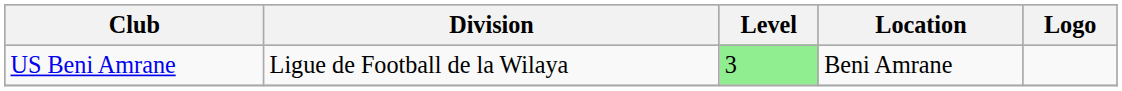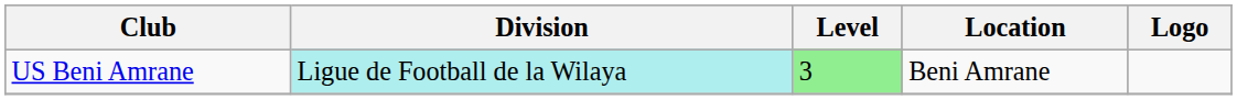 <table class="wikitable sortable" width=75% style="font-size:90%">
 <tr>
 <th>Club</th>
 <th>Division</th>
 <th>Level</th>
 <th>Location</th>
 <th>Logo</th>
 </tr>
 <tr>
 <td><a href='#'>US Beni Amrane</a></td>
-<td>Ligue de Football de la Wilaya</td>
+<td style="background: paleturquoise;">Ligue de Football de la Wilaya</td>
 <td style="background: lightgreen;">3</td>
 <td>Beni Amrane</td>
 <td></td>
 </tr>
 <tr>
 </tr>
 </table>
